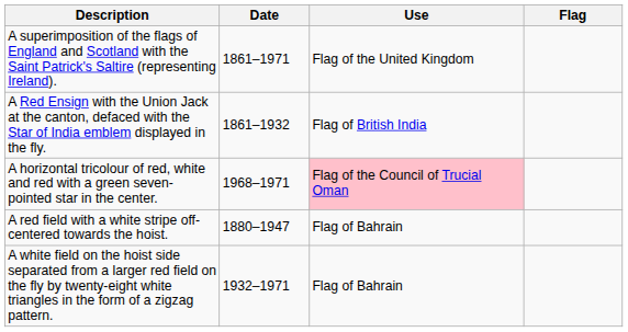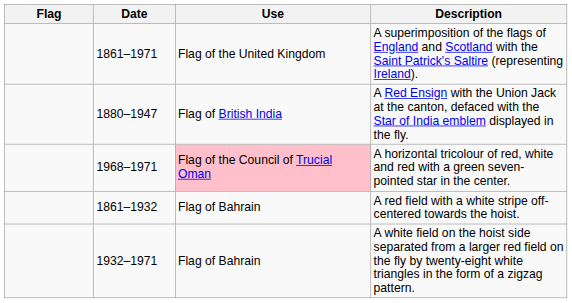 <table class="wikitable">
 <tr>
-<th style="width:250px;">Description</th>
+<th style="width:110px;">Flag</th>
 <th style="width:100px;">Date</th>
 <th style="width:250px;">Use</th>
-<th style="width:110px;">Flag</th>
+<th style="width:250px;">Description</th>
 </tr>
 <tr>
-<td>A superimposition of the flags of <a href='#'>England</a> and <a href='#'>Scotland</a> with the <a href='#'>Saint Patrick's Saltire</a> (representing <a href='#'>Ireland</a>).</td>
+<td></td>
 <td>1861–1971</td>
 <td>Flag of the United Kingdom</td>
-<td></td>
+<td>A superimposition of the flags of <a href='#'>England</a> and <a href='#'>Scotland</a> with the <a href='#'>Saint Patrick's Saltire</a> (representing <a href='#'>Ireland</a>).</td>
 </tr>
 <tr>
+<td></td>
+<td>1880–1947</td>
+<td>Flag of <a href='#'>British India</a></td>
 <td>A <a href='#'>Red Ensign</a> with the Union Jack at the canton, defaced with the <a href='#'>Star of India emblem</a> displayed in the fly.</td>
-<td>1861–1932</td>
-<td>Flag of <a href='#'>British India</a></td>
-<td></td>
 </tr>
 <tr>
-<td>A horizontal tricolour of red, white and red with a green seven-pointed star in the center.</td>
+<td></td>
 <td>1968–1971</td>
 <td style="background: pink;">Flag of the Council of <a href='#'>Trucial Oman</a></td>
-<td></td>
+<td>A horizontal tricolour of red, white and red with a green seven-pointed star in the center.</td>
 </tr>
 <tr>
+<td></td>
+<td>1861–1932</td>
+<td>Flag of Bahrain</td>
 <td>A red field with a white stripe off-centered towards the hoist.</td>
-<td>1880–1947</td>
-<td>Flag of Bahrain</td>
-<td></td>
 </tr>
 <tr>
-<td>A white field on the hoist side separated from a larger red field on the fly by twenty-eight white triangles in the form of a zigzag pattern.</td>
+<td></td>
 <td>1932–1971</td>
 <td>Flag of Bahrain</td>
-<td></td>
+<td>A white field on the hoist side separated from a larger red field on the fly by twenty-eight white triangles in the form of a zigzag pattern.</td>
 </tr>
 </table>
